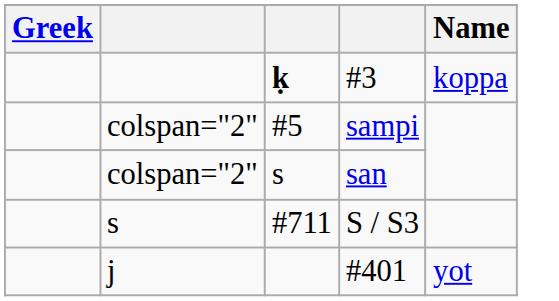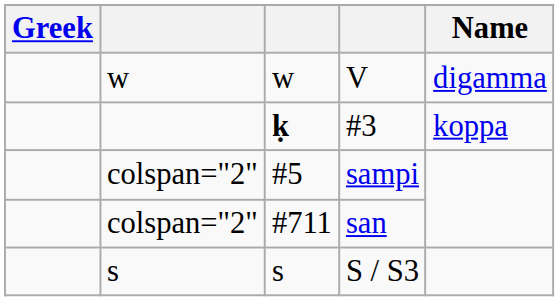 <table class="wikitable">
 <tr>
 </tr>
 <tr>
 <th><a href='#'>Greek</a></th>
 <th></th>
 <th></th>
 <th></th>
 <th>Name</th>
+</tr>
+<tr>
+<td> <br> </td>
+<td>w</td>
+<td>w</td>
+<td>V</td>
+<td><a href='#'>digamma</a></td>
 </tr>
 <tr>
 <td> <br> </td>
 <td></td>
 <td><strong>ḳ</strong></td>
 <td>#3</td>
 <td><a href='#'>koppa</a></td>
 </tr>
 <tr>
 <td> <br>	 </td>
 <td>colspan="2" </td>
 <td>#5</td>
 <td><a href='#'>sampi</a></td>
 </tr>
 <tr>
 <td> </td>
 <td>colspan="2" </td>
-<td>s</td>
+<td>#711</td>
 <td><a href='#'>san</a></td>
 </tr>
 <tr>
 <td> </td>
 <td>s</td>
-<td>#711</td>
+<td>s</td>
 <td>S / S3</td>
 <td></td>
 </tr>
-<tr>
-<td> </td>
-<td>j</td>
-<td></td>
-<td>#401</td>
-<td><a href='#'>yot</a></td>
-</tr>
 </table>
